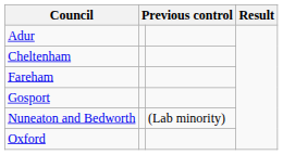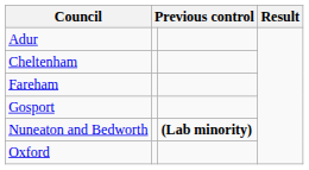 <table class="sortable wikitable">
 <tr>
 <th>Council</th>
 <th colspan=2>Previous control</th>
 <th colspan=2>Result</th>
 </tr>
 <tr>
 <td><a href='#'>Adur</a></td>
 <td></td>
 <td></td>
 </tr>
 <tr>
 <td><a href='#'>Cheltenham</a></td>
 <td></td>
 <td></td>
 </tr>
 <tr>
 <td><a href='#'>Fareham</a></td>
 <td></td>
 <td></td>
 </tr>
 <tr>
 <td><a href='#'>Gosport</a></td>
 <td></td>
 <td></td>
 </tr>
 <tr>
 <td><a href='#'>Nuneaton and Bedworth</a></td>
 <td></td>
-<td> (Lab minority)</td>
+<td><strong> (Lab minority)</strong></td>
 </tr>
 <tr>
 <td><a href='#'>Oxford</a></td>
 <td></td>
 <td></td>
 </tr>
 </table>
